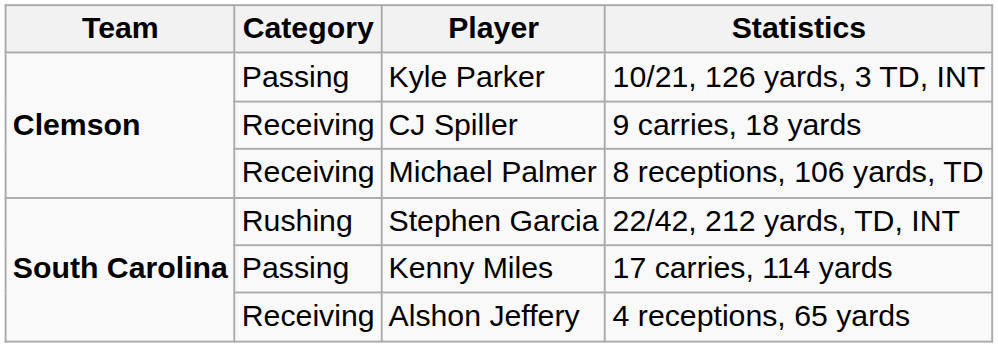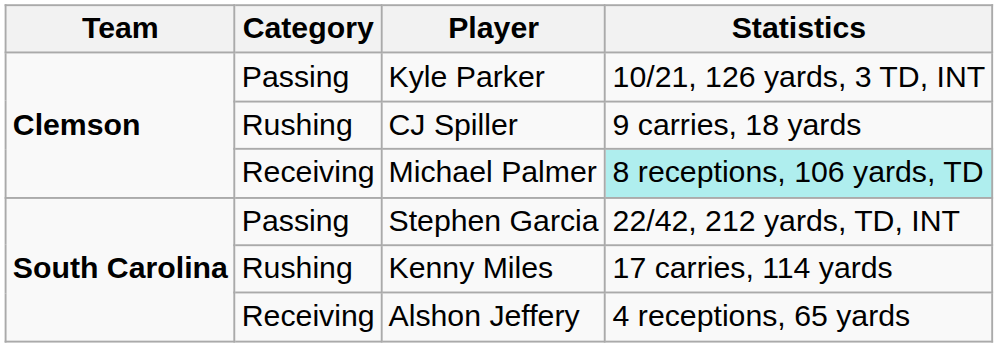 <table class="wikitable" style="float: right;">
 <tr>
 <th>Team</th>
 <th>Category</th>
 <th>Player</th>
 <th>Statistics</th>
 </tr>
 <tr>
 <td rowspan=3><strong>Clemson</strong></td>
 <td>Passing</td>
 <td>Kyle Parker</td>
 <td>10/21, 126 yards, 3 TD, INT</td>
 </tr>
 <tr>
-<td>Receiving</td>
+<td>Rushing</td>
 <td>CJ Spiller</td>
 <td>9 carries, 18 yards</td>
 </tr>
 <tr>
 <td>Receiving</td>
 <td>Michael Palmer</td>
-<td>8 receptions, 106 yards, TD</td>
+<td style="background: paleturquoise;">8 receptions, 106 yards, TD</td>
 </tr>
 <tr>
 <td rowspan=3><strong>South Carolina</strong></td>
-<td>Rushing</td>
+<td>Passing</td>
 <td>Stephen Garcia</td>
 <td>22/42, 212 yards, TD, INT</td>
 </tr>
 <tr>
-<td>Passing</td>
+<td>Rushing</td>
 <td>Kenny Miles</td>
 <td>17 carries, 114 yards</td>
 </tr>
 <tr>
 <td>Receiving</td>
 <td>Alshon Jeffery</td>
 <td>4 receptions, 65 yards</td>
 </tr>
 </table>
